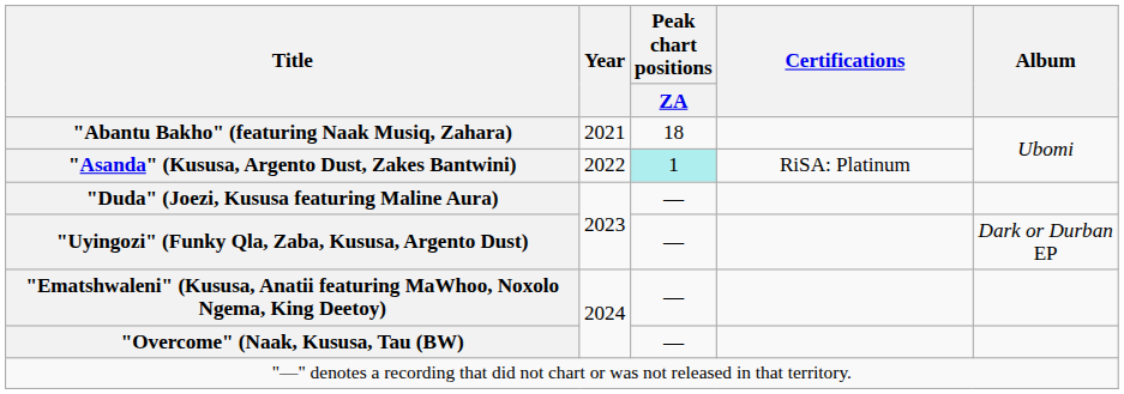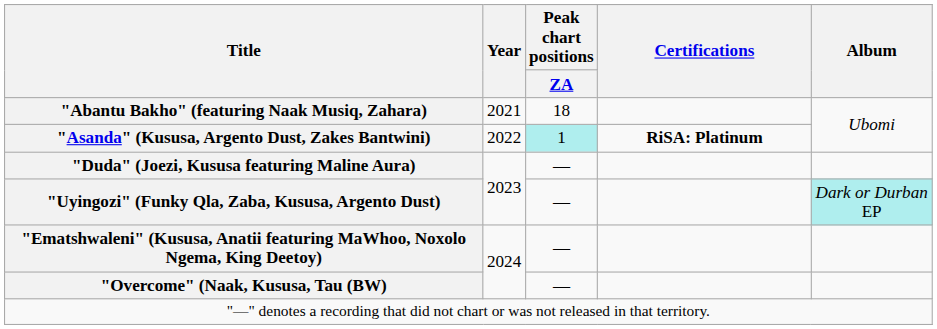 <table class="wikitable plainrowheaders" style="text-align:center;">
 <tr>
 <th scope="col" rowspan="2">Title</th>
 <th scope="col" rowspan="2">Year</th>
 <th scope="col" colspan="1">Peak chart positions</th>
 <th scope="col" rowspan="2" style="width:12em;"><a href='#'>Certifications</a></th>
 <th scope="col" rowspan="2">Album</th>
 </tr>
 <tr>
 <th scope="col" style="width:3em;font-size:100%;"><a href='#'>ZA</a><br></th>
 </tr>
 <tr>
 <th scope="row">"Abantu Bakho" (featuring Naak Musiq, Zahara)</th>
 <td>2021</td>
 <td>18</td>
 <td></td>
 <td rowspan=2><em>Ubomi</em></td>
 </tr>
 <tr>
 <th scope="row">"<a href='#'>Asanda</a>" (Kususa, Argento Dust, Zakes Bantwini)</th>
 <td>2022</td>
 <td style="background: paleturquoise;">1</td>
-<td>RiSA: Platinum</td>
+<td><strong>RiSA: Platinum</strong></td>
 </tr>
 <tr>
 <th scope="row">"Duda" (Joezi, Kususa featuring Maline Aura)</th>
 <td rowspan=2>2023</td>
 <td>—</td>
 <td></td>
 <td></td>
 </tr>
 <tr>
 <th scope="row">"Uyingozi" (Funky Qla, Zaba, Kususa, Argento Dust)</th>
 <td>—</td>
 <td></td>
-<td><em>Dark or Durban</em> EP</td>
+<td style="background: paleturquoise;"><em>Dark or Durban</em> EP</td>
 </tr>
 <tr>
 <th scope="row">"Ematshwaleni" (Kususa, Anatii featuring MaWhoo, Noxolo Ngema, King Deetoy)</th>
 <td rowspan=2>2024</td>
 <td>—</td>
 <td></td>
 <td></td>
 </tr>
 <tr>
 <th scope="row">"Overcome" (Naak, Kususa, Tau (BW)</th>
 <td>—</td>
 <td></td>
 <td></td>
 </tr>
 <tr>
 <td colspan="8" style="font-size:90%">"—" denotes a recording that did not chart or was not released in that territory.</td>
 </tr>
 </table>
